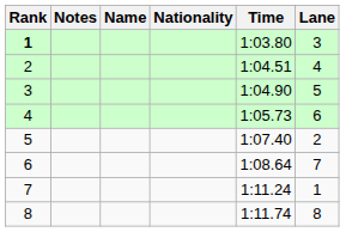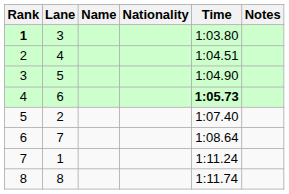 <table class="wikitable sortable" style="text-align:center">
 <tr>
 <th>Rank</th>
-<th>Notes</th>
+<th>Lane</th>
 <th>Name</th>
 <th>Nationality</th>
 <th>Time</th>
-<th>Lane</th>
+<th>Notes</th>
 </tr>
 <tr bgcolor=ccffcc>
 <td><strong>1</strong></td>
-<td><strong></strong></td>
+<td>3</td>
 <td align=left></td>
 <td align=left></td>
 <td>1:03.80</td>
-<td>3</td>
+<td><strong></strong></td>
 </tr>
 <tr bgcolor=ccffcc>
 <td>2</td>
-<td><strong></strong></td>
+<td>4</td>
 <td align=left></td>
 <td align=left></td>
 <td>1:04.51</td>
-<td>4</td>
+<td><strong></strong></td>
 </tr>
 <tr bgcolor=ccffcc>
 <td>3</td>
-<td><strong></strong></td>
+<td>5</td>
 <td align=left></td>
 <td align=left></td>
 <td>1:04.90</td>
-<td>5</td>
+<td><strong></strong></td>
 </tr>
 <tr bgcolor=ccffcc>
 <td>4</td>
-<td><strong></strong></td>
+<td>6</td>
 <td align=left></td>
 <td align=left></td>
-<td>1:05.73</td>
-<td>6</td>
+<td><strong>1:05.73</strong></td>
+<td><strong></strong></td>
 </tr>
 <tr>
 <td>5</td>
-<td></td>
+<td>2</td>
 <td align=left></td>
 <td align=left></td>
 <td>1:07.40</td>
-<td>2</td>
+<td></td>
 </tr>
 <tr>
 <td>6</td>
-<td></td>
+<td>7</td>
 <td align=left></td>
 <td align=left></td>
 <td>1:08.64</td>
-<td>7</td>
+<td></td>
 </tr>
 <tr>
 <td>7</td>
-<td></td>
+<td>1</td>
 <td align=left></td>
 <td align=left></td>
 <td>1:11.24</td>
-<td>1</td>
+<td></td>
 </tr>
 <tr>
 <td>8</td>
-<td></td>
+<td>8</td>
 <td align=left></td>
 <td align=left></td>
 <td>1:11.74</td>
-<td>8</td>
+<td></td>
 </tr>
 </table>
